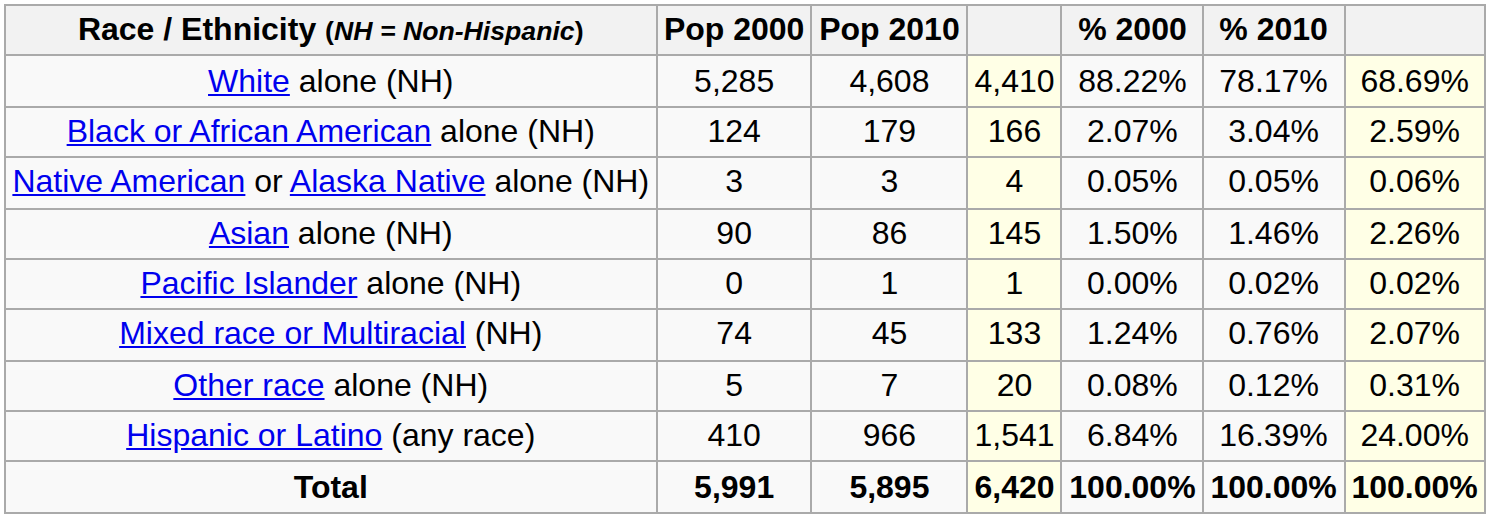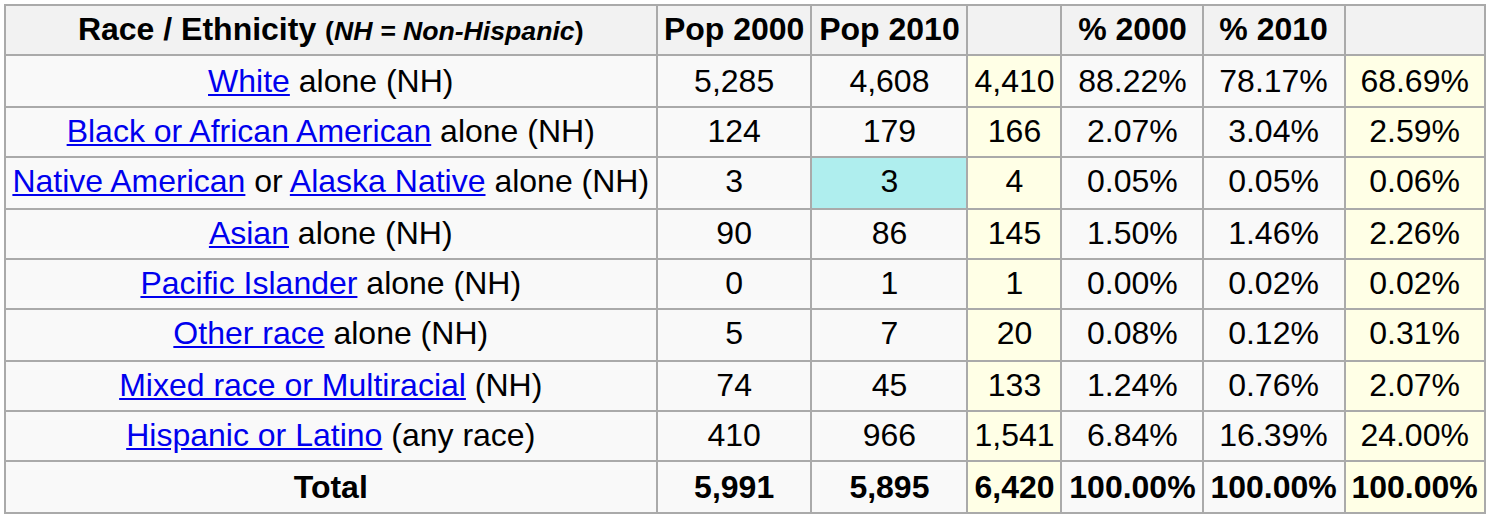 <table class="wikitable" style="text-align:center;">
 <tr>
 <th>Race / Ethnicity <small>(<em>NH = Non-Hispanic</em>)</small></th>
 <th>Pop 2000</th>
 <th>Pop 2010</th>
 <th></th>
 <th>% 2000</th>
 <th>% 2010</th>
 <th></th>
 </tr>
 <tr>
 <td><a href='#'>White</a> alone (NH)</td>
 <td>5,285</td>
 <td>4,608</td>
 <td style='background: #ffffe6;'>4,410</td>
 <td>88.22%</td>
 <td>78.17%</td>
 <td style='background: #ffffe6;'>68.69%</td>
 </tr>
 <tr>
 <td><a href='#'>Black or African American</a> alone (NH)</td>
 <td>124</td>
 <td>179</td>
 <td style='background: #ffffe6;'>166</td>
 <td>2.07%</td>
 <td>3.04%</td>
 <td style='background: #ffffe6;'>2.59%</td>
 </tr>
 <tr>
 <td><a href='#'>Native American</a> or <a href='#'>Alaska Native</a> alone (NH)</td>
 <td>3</td>
-<td>3</td>
+<td style="background: paleturquoise;">3</td>
 <td style='background: #ffffe6;'>4</td>
 <td>0.05%</td>
 <td>0.05%</td>
 <td style='background: #ffffe6;'>0.06%</td>
 </tr>
 <tr>
 <td><a href='#'>Asian</a> alone (NH)</td>
 <td>90</td>
 <td>86</td>
 <td style='background: #ffffe6;'>145</td>
 <td>1.50%</td>
 <td>1.46%</td>
 <td style='background: #ffffe6;'>2.26%</td>
 </tr>
 <tr>
 <td><a href='#'>Pacific Islander</a> alone (NH)</td>
 <td>0</td>
 <td>1</td>
 <td style='background: #ffffe6;'>1</td>
 <td>0.00%</td>
 <td>0.02%</td>
 <td style='background: #ffffe6;'>0.02%</td>
 </tr>
 <tr>
+<td><a href='#'>Other race</a> alone (NH)</td>
+<td>5</td>
+<td>7</td>
+<td style='background: #ffffe6;'>20</td>
+<td>0.08%</td>
+<td>0.12%</td>
+<td style='background: #ffffe6;'>0.31%</td>
+</tr>
+<tr>
 <td><a href='#'>Mixed race or Multiracial</a> (NH)</td>
 <td>74</td>
 <td>45</td>
 <td style='background: #ffffe6;'>133</td>
 <td>1.24%</td>
 <td>0.76%</td>
 <td style='background: #ffffe6;'>2.07%</td>
-</tr>
-<tr>
-<td><a href='#'>Other race</a> alone (NH)</td>
-<td>5</td>
-<td>7</td>
-<td style='background: #ffffe6;'>20</td>
-<td>0.08%</td>
-<td>0.12%</td>
-<td style='background: #ffffe6;'>0.31%</td>
 </tr>
 <tr>
 <td><a href='#'>Hispanic or Latino</a> (any race)</td>
 <td>410</td>
 <td>966</td>
 <td style='background: #ffffe6;'>1,541</td>
 <td>6.84%</td>
 <td>16.39%</td>
 <td style='background: #ffffe6;'>24.00%</td>
 </tr>
 <tr>
 <td><strong>Total</strong></td>
 <td><strong>5,991</strong></td>
 <td><strong>5,895</strong></td>
 <td style='background: #ffffe6;'><strong>6,420</strong></td>
 <td><strong>100.00%</strong></td>
 <td><strong>100.00%</strong></td>
 <td style='background: #ffffe6;'><strong>100.00%</strong></td>
 </tr>
 </table>
